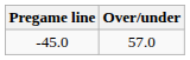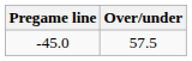 <table class="wikitable" style="margin-left: auto; margin-right: auto; border: none; display: inline-table;">
 <tr align="center">
 <th style=>Pregame line</th>
 <th style=>Over/under</th>
 </tr>
 <tr align="center">
 <td>-45.0</td>
-<td>57.0</td>
+<td>57.5</td>
 </tr>
 </table>
